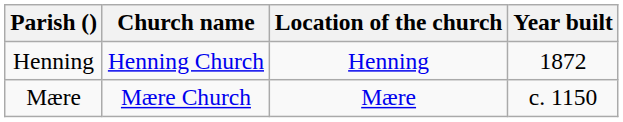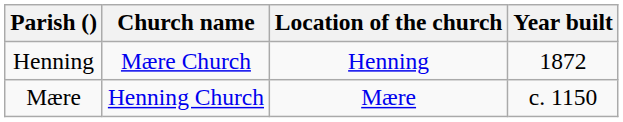 <table class="wikitable" style="text-align:center">
 <tr>
 <th>Parish ()</th>
 <th>Church name</th>
 <th>Location of the church</th>
 <th>Year built</th>
 </tr>
 <tr>
 <td rowspan="1">Henning</td>
-<td><a href='#'>Henning Church</a></td>
+<td><a href='#'>Mære Church</a></td>
 <td><a href='#'>Henning</a></td>
 <td>1872</td>
 </tr>
 <tr>
 <td rowspan="1">Mære</td>
-<td><a href='#'>Mære Church</a></td>
+<td><a href='#'>Henning Church</a></td>
 <td><a href='#'>Mære</a></td>
 <td>c. 1150</td>
 </tr>
 </table>
